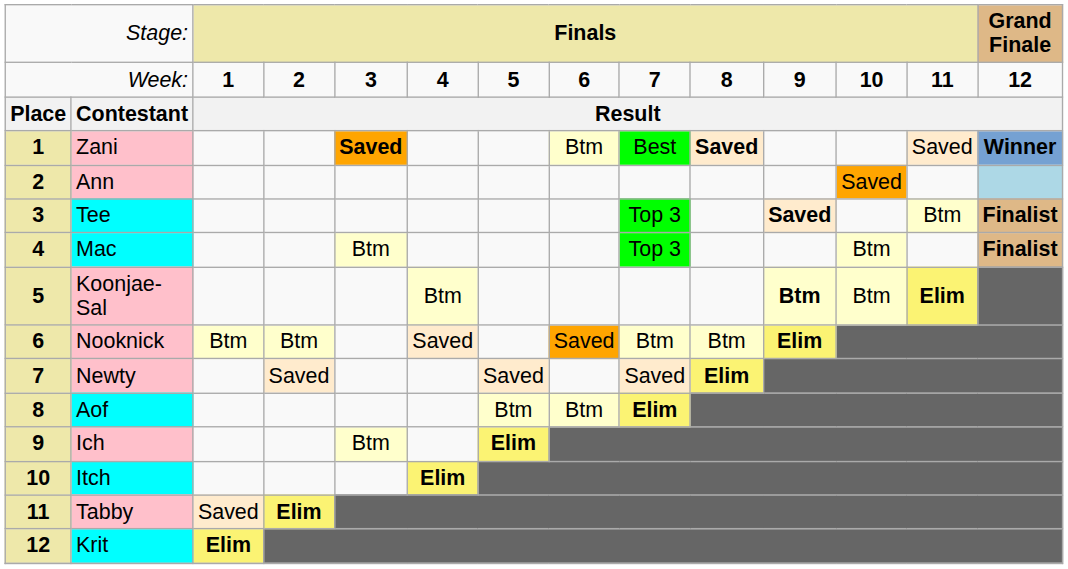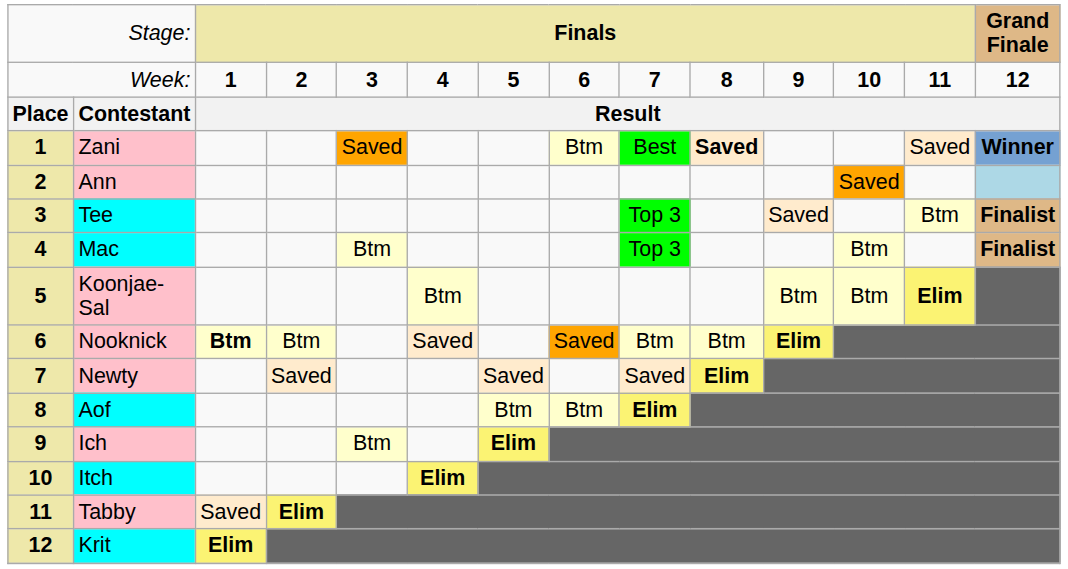 <table class="wikitable" width=40% style="margin:1em auto;">
 <tr>
 <td width=30% colspan="2" align="right"><em>Stage:</em></td>
 <td colspan="11" bgcolor="palegoldenrod" align="Center"><strong>Finals</strong></td>
 <td colspan="1" bgcolor="#DEB887" align="Center"><strong>Grand Finale</strong></td>
 </tr>
 <tr>
 <td colspan="2" align="right"><em>Week:</em></td>
 <td align="center"><strong>1</strong></td>
 <td align="center"><strong>2</strong></td>
 <td align="center"><strong>3</strong></td>
 <td align="center"><strong>4</strong></td>
 <td align="center"><strong>5</strong></td>
 <td align="center"><strong>6</strong></td>
 <td align="center"><strong>7</strong></td>
 <td align="center"><strong>8</strong></td>
 <td align="center"><strong>9</strong></td>
 <td align="center"><strong>10</strong></td>
 <td align="center"><strong>11</strong></td>
 <td align="center"><strong>12</strong></td>
 </tr>
 <tr>
 <th>Place</th>
 <th>Contestant</th>
 <th colspan="12" align="center">Result</th>
 </tr>
 <tr>
 <td align="center" bgcolor="palegoldenrod"><strong>1</strong></td>
 <td bgcolor="pink">Zani</td>
 <td></td>
 <td></td>
-<td bgcolor="orange" align="center"><strong>Saved</strong></td>
+<td bgcolor="orange" align="center">Saved</td>
 <td></td>
 <td></td>
 <td bgcolor="FFFFCC" align="center">Btm</td>
 <td bgcolor="lime" align="center">Best</td>
 <td bgcolor="FFEBCD" align="center"><strong>Saved</strong></td>
 <td></td>
 <td></td>
 <td bgcolor="FFEBCD" align="center">Saved</td>
 <td style="color:black; text-align:center; background-color:#75A1D2"><strong>Winner</strong></td>
 </tr>
 <tr>
 <td align="center" bgcolor="palegoldenrod"><strong>2</strong></td>
 <td bgcolor="pink">Ann</td>
 <td></td>
 <td></td>
 <td></td>
 <td></td>
 <td></td>
 <td></td>
 <td></td>
 <td></td>
 <td></td>
 <td bgcolor="orange" align="center">Saved</td>
 <td></td>
 <td bgcolor="lightblue" align="center"></td>
 </tr>
 <tr>
 <td align="center" bgcolor="palegoldenrod"><strong>3</strong></td>
 <td bgcolor="cyan">Tee</td>
 <td></td>
 <td></td>
 <td></td>
 <td></td>
 <td></td>
 <td></td>
 <td bgcolor="lime" align="center">Top 3</td>
 <td></td>
-<td bgcolor="FFEBCD" align="center"><strong>Saved</strong></td>
+<td bgcolor="FFEBCD" align="center">Saved</td>
 <td></td>
 <td bgcolor="FFFFCC" align="center">Btm</td>
 <td bgcolor="#DEB887" align="center"><strong>Finalist</strong></td>
 </tr>
 <tr>
 <td align="center" bgcolor="palegoldenrod"><strong>4</strong></td>
 <td bgcolor="cyan">Mac</td>
 <td></td>
 <td></td>
 <td bgcolor="FFFFCC" align="center">Btm</td>
 <td></td>
 <td></td>
 <td></td>
 <td bgcolor="lime" align="center">Top 3</td>
 <td></td>
 <td></td>
 <td bgcolor="FFFFCC" align="center">Btm</td>
 <td></td>
 <td bgcolor="#DEB887" align="center"><strong>Finalist</strong></td>
 </tr>
 <tr>
 <td align="center" bgcolor="palegoldenrod"><strong>5</strong></td>
 <td bgcolor="pink">Koonjae-Sal</td>
 <td></td>
 <td></td>
 <td></td>
 <td bgcolor="FFFFCC" align="center">Btm</td>
 <td></td>
 <td></td>
 <td></td>
 <td></td>
-<td bgcolor="FFFFCC" align="center"><strong>Btm</strong></td>
+<td bgcolor="FFFFCC" align="center">Btm</td>
 <td bgcolor="FFFFCC" align="center">Btm</td>
 <td bgcolor="FBF373" align="center"><strong>Elim</strong></td>
 <td colspan="1" bgcolor="666666"></td>
 </tr>
 <tr>
 <td align="center" bgcolor="palegoldenrod"><strong>6</strong></td>
 <td bgcolor="pink">Nooknick</td>
-<td bgcolor="FFFFCC" align="center">Btm</td>
+<td bgcolor="FFFFCC" align="center"><strong>Btm</strong></td>
 <td bgcolor="FFFFCC" align="center">Btm</td>
 <td></td>
 <td bgcolor="FFEBCD" align="center">Saved</td>
 <td></td>
 <td bgcolor="orange" align="center">Saved</td>
 <td bgcolor="FFFFCC" align="center">Btm</td>
 <td bgcolor="FFFFCC" align="center">Btm</td>
 <td bgcolor="FBF373" align="center"><strong>Elim</strong></td>
 <td colspan="3" bgcolor="666666"></td>
 </tr>
 <tr>
 <td align="center" bgcolor="palegoldenrod"><strong>7</strong></td>
 <td bgcolor="pink">Newty</td>
 <td></td>
 <td bgcolor="FFEBCD" align="center">Saved</td>
 <td></td>
 <td></td>
 <td bgcolor="FFEBCD" align="center">Saved</td>
 <td></td>
 <td bgcolor="FFEBCD" align="center">Saved</td>
 <td bgcolor="FBF373" align="center"><strong>Elim</strong></td>
 <td colspan="4" bgcolor="666666"></td>
 </tr>
 <tr>
 <td align="center" bgcolor="palegoldenrod"><strong>8</strong></td>
 <td bgcolor="cyan">Aof</td>
 <td></td>
 <td></td>
 <td></td>
 <td></td>
 <td bgcolor="FFFFCC" align="center">Btm</td>
 <td bgcolor="FFFFCC" align="center">Btm</td>
 <td bgcolor="FBF373" align="center"><strong>Elim</strong></td>
 <td colspan="5" bgcolor="666666"></td>
 </tr>
 <tr>
 <td align="center" bgcolor="palegoldenrod"><strong>9</strong></td>
 <td bgcolor="pink">Ich</td>
 <td></td>
 <td></td>
 <td bgcolor="FFFFCC" align="center">Btm</td>
 <td></td>
 <td bgcolor="FBF373" align="center"><strong>Elim</strong></td>
 <td colspan="7" bgcolor="666666"></td>
 </tr>
 <tr>
 <td align="center" bgcolor="palegoldenrod"><strong>10</strong></td>
 <td bgcolor="cyan">Itch</td>
 <td></td>
 <td></td>
 <td></td>
 <td bgcolor="FBF373" align="center"><strong>Elim</strong></td>
 <td colspan="8" bgcolor="666666"></td>
 </tr>
 <tr>
 <td align="center" bgcolor="palegoldenrod"><strong>11</strong></td>
 <td bgcolor="pink">Tabby</td>
 <td bgcolor="FFEBCD" align="center">Saved</td>
 <td bgcolor="FBF373" align="center"><strong>Elim</strong></td>
 <td colspan="10" bgcolor="666666"></td>
 </tr>
 <tr>
 <td align="center" bgcolor="palegoldenrod"><strong>12</strong></td>
 <td bgcolor="cyan">Krit</td>
 <td bgcolor="FBF373" align="center"><strong>Elim</strong></td>
 <td colspan="11" bgcolor="666666"></td>
 </tr>
 <tr>
 </tr>
 </table>
